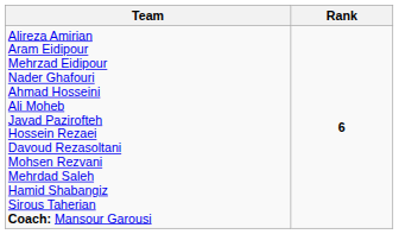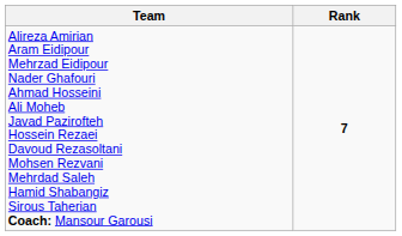 <table class="wikitable" width="35%" style="text-align:left; font-size:90%">
 <tr>
 <th width="13%">Team</th>
 <th width="4%">Rank</th>
 </tr>
 <tr>
 <td><a href='#'>Alireza Amirian</a><br><a href='#'>Aram Eidipour</a><br><a href='#'>Mehrzad Eidipour</a><br><a href='#'>Nader Ghafouri</a><br><a href='#'>Ahmad Hosseini</a><br><a href='#'>Ali Moheb</a><br><a href='#'>Javad Pazirofteh</a><br><a href='#'>Hossein Rezaei</a><br><a href='#'>Davoud Rezasoltani</a><br><a href='#'>Mohsen Rezvani</a><br><a href='#'>Mehrdad Saleh</a><br><a href='#'>Hamid Shabangiz</a><br><a href='#'>Sirous Taherian</a><br><strong>Coach:</strong> <a href='#'>Mansour Garousi</a></td>
-<td align=center><strong>6</strong></td>
+<td align=center><strong>7</strong></td>
 </tr>
 </table>
